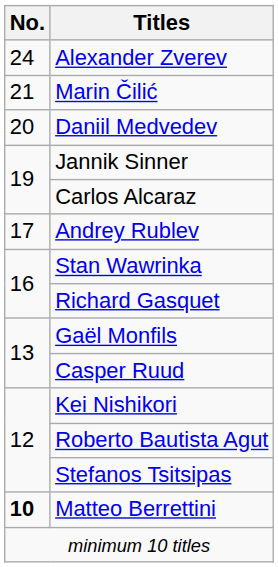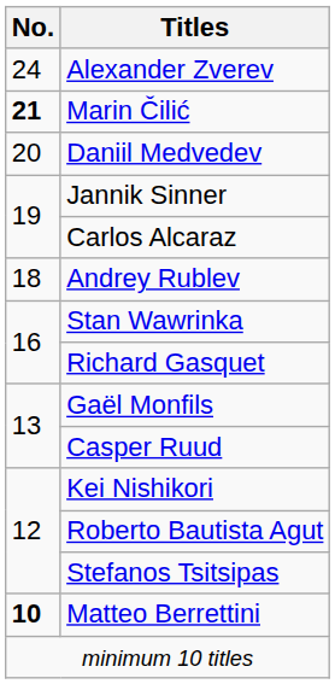 <table class="wikitable" style="display: inline-table;">
 <tr>
 <th width=20>No.</th>
 <th>Titles</th>
 </tr>
 <tr>
 <td>24</td>
 <td> <a href='#'>Alexander Zverev</a></td>
 </tr>
 <tr>
-<td>21</td>
+<td><strong>21</strong></td>
 <td> <a href='#'>Marin Čilić</a></td>
 </tr>
 <tr>
 <td>20</td>
 <td> <a href='#'>Daniil Medvedev</a></td>
 </tr>
 <tr>
 <td rowspan="2">19</td>
 <td> Jannik Sinner</td>
 </tr>
 <tr>
 <td> Carlos Alcaraz</td>
 </tr>
 <tr>
-<td>17</td>
+<td>18</td>
 <td> <a href='#'>Andrey Rublev</a></td>
 </tr>
 <tr>
 <td rowspan="2">16</td>
 <td> <a href='#'>Stan Wawrinka</a></td>
 </tr>
 <tr>
 <td> <a href='#'>Richard Gasquet</a></td>
 </tr>
 <tr>
 <td rowspan="2">13</td>
 <td> <a href='#'>Gaël Monfils</a></td>
 </tr>
 <tr>
 <td> <a href='#'>Casper Ruud</a></td>
 </tr>
 <tr>
 <td rowspan="3">12</td>
 <td> <a href='#'>Kei Nishikori</a></td>
 </tr>
 <tr>
 <td> <a href='#'>Roberto Bautista Agut</a></td>
 </tr>
 <tr>
 <td> <a href='#'>Stefanos Tsitsipas</a></td>
 </tr>
 <tr>
 <td><strong>10</strong></td>
 <td> <a href='#'>Matteo Berrettini</a><br></td>
 </tr>
 <tr>
 <td colspan="2" style="text-align: center;"><small><em>minimum 10 titles</em></small></td>
 </tr>
 </table>
